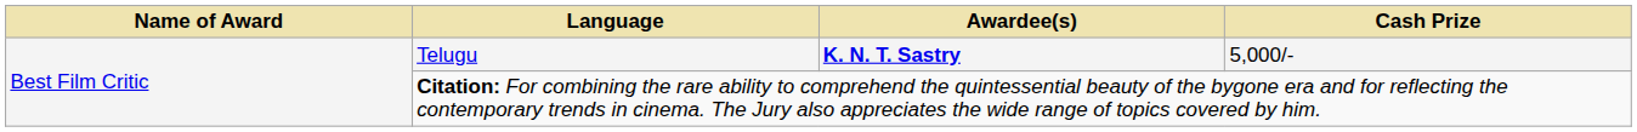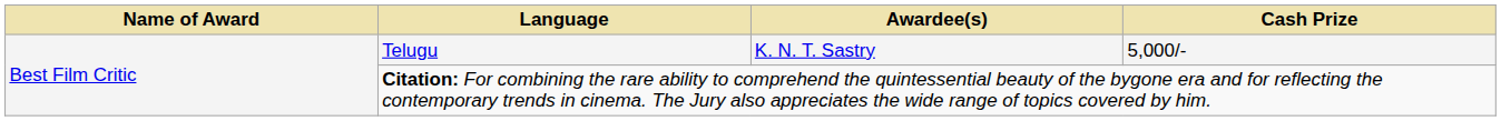 <table class="wikitable" style="width:100%;">
 <tr style="background-color:#F4F4F4">
 <th style="background-color:#EFE4B0;width:25%;">Name of Award</th>
 <th style="background-color:#EFE4B0;width:25%;">Language</th>
 <th style="background-color:#EFE4B0;width:25%;">Awardee(s)</th>
 <th style="background-color:#EFE4B0;width:25%;">Cash Prize</th>
 </tr>
 <tr style="background-color:#F4F4F4">
 <td rowspan="2"><a href='#'>Best Film Critic</a></td>
 <td><a href='#'>Telugu</a></td>
-<td><strong><a href='#'>K. N. T. Sastry</a></strong></td>
+<td><a href='#'>K. N. T. Sastry</a></td>
 <td> 5,000/-</td>
 </tr>
 <tr style="background-color:#F9F9F9">
 <td colspan="4"><strong>Citation:</strong> <em>For combining the rare ability to comprehend the quintessential beauty of the bygone era and for reflecting the contemporary trends in cinema. The Jury also appreciates the wide range of topics covered by him.</em></td>
 </tr>
 </table>
